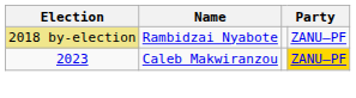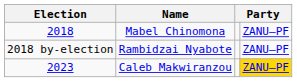 <table class="wikitable" style="text-align:center">
 <tr>
 <th>Election</th>
 <th>Name</th>
 <th colspan="2">Party</th>
 </tr>
 <tr>
-<td style="background: khaki;">2018 by-election</td>
+<td><a href='#'>2018</a></td>
+<td><a href='#'>Mabel Chinomona</a></td>
+<td style="background-color: "></td>
+<td><a href='#'>ZANU–PF</a></td>
+</tr>
+<tr>
+<td>2018 by-election</td>
 <td><a href='#'>Rambidzai Nyabote</a></td>
 <td style="background-color: "></td>
 <td><a href='#'>ZANU–PF</a></td>
 </tr>
 <tr>
 <td><a href='#'>2023</a></td>
 <td><a href='#'>Caleb Makwiranzou</a></td>
 <td style="background-color: "></td>
 <td style="background: gold;"><a href='#'>ZANU–PF</a></td>
 </tr>
 </table>
